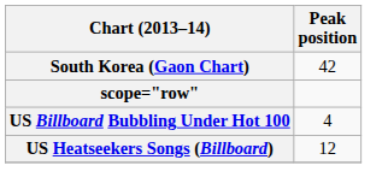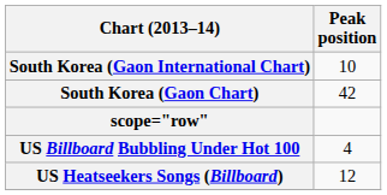 <table class="wikitable sortable plainrowheaders">
 <tr>
 <th>Chart (2013–14)</th>
 <th>Peak<br>position</th>
+</tr>
+<tr>
+<th scope="row">South Korea (<a href='#'>Gaon International Chart</a>)</th>
+<td style="text-align:center;">10</td>
 </tr>
 <tr>
 <th scope="row">South Korea (<a href='#'>Gaon Chart</a>)</th>
 <td style="text-align:center;">42</td>
 </tr>
 <tr>
 <th>scope="row"</th>
 </tr>
 <tr>
 <th scope="row">US <em><a href='#'>Billboard</a></em> <a href='#'>Bubbling Under Hot 100</a></th>
 <td align="center">4</td>
 </tr>
 <tr>
 <th scope="row">US <a href='#'>Heatseekers Songs</a> (<em><a href='#'>Billboard</a></em>)</th>
 <td style="text-align:center;">12</td>
 </tr>
 <tr>
 </tr>
 </table>
